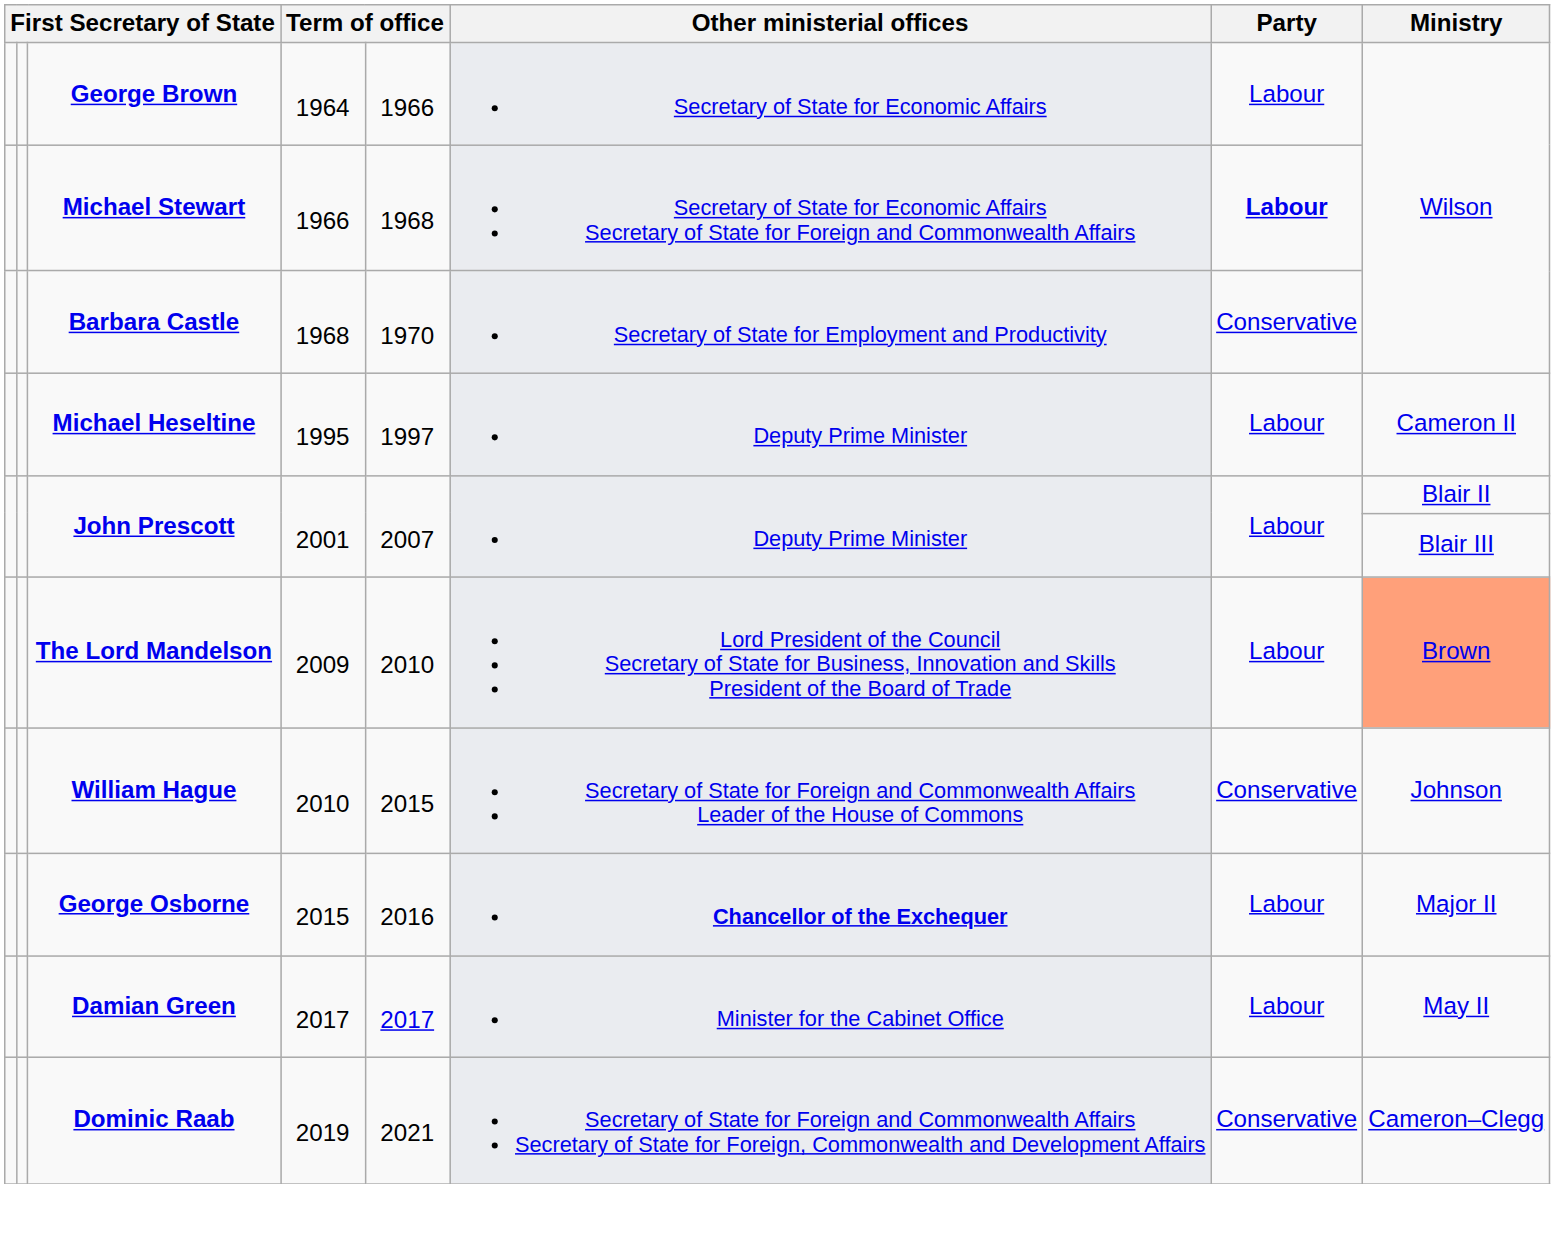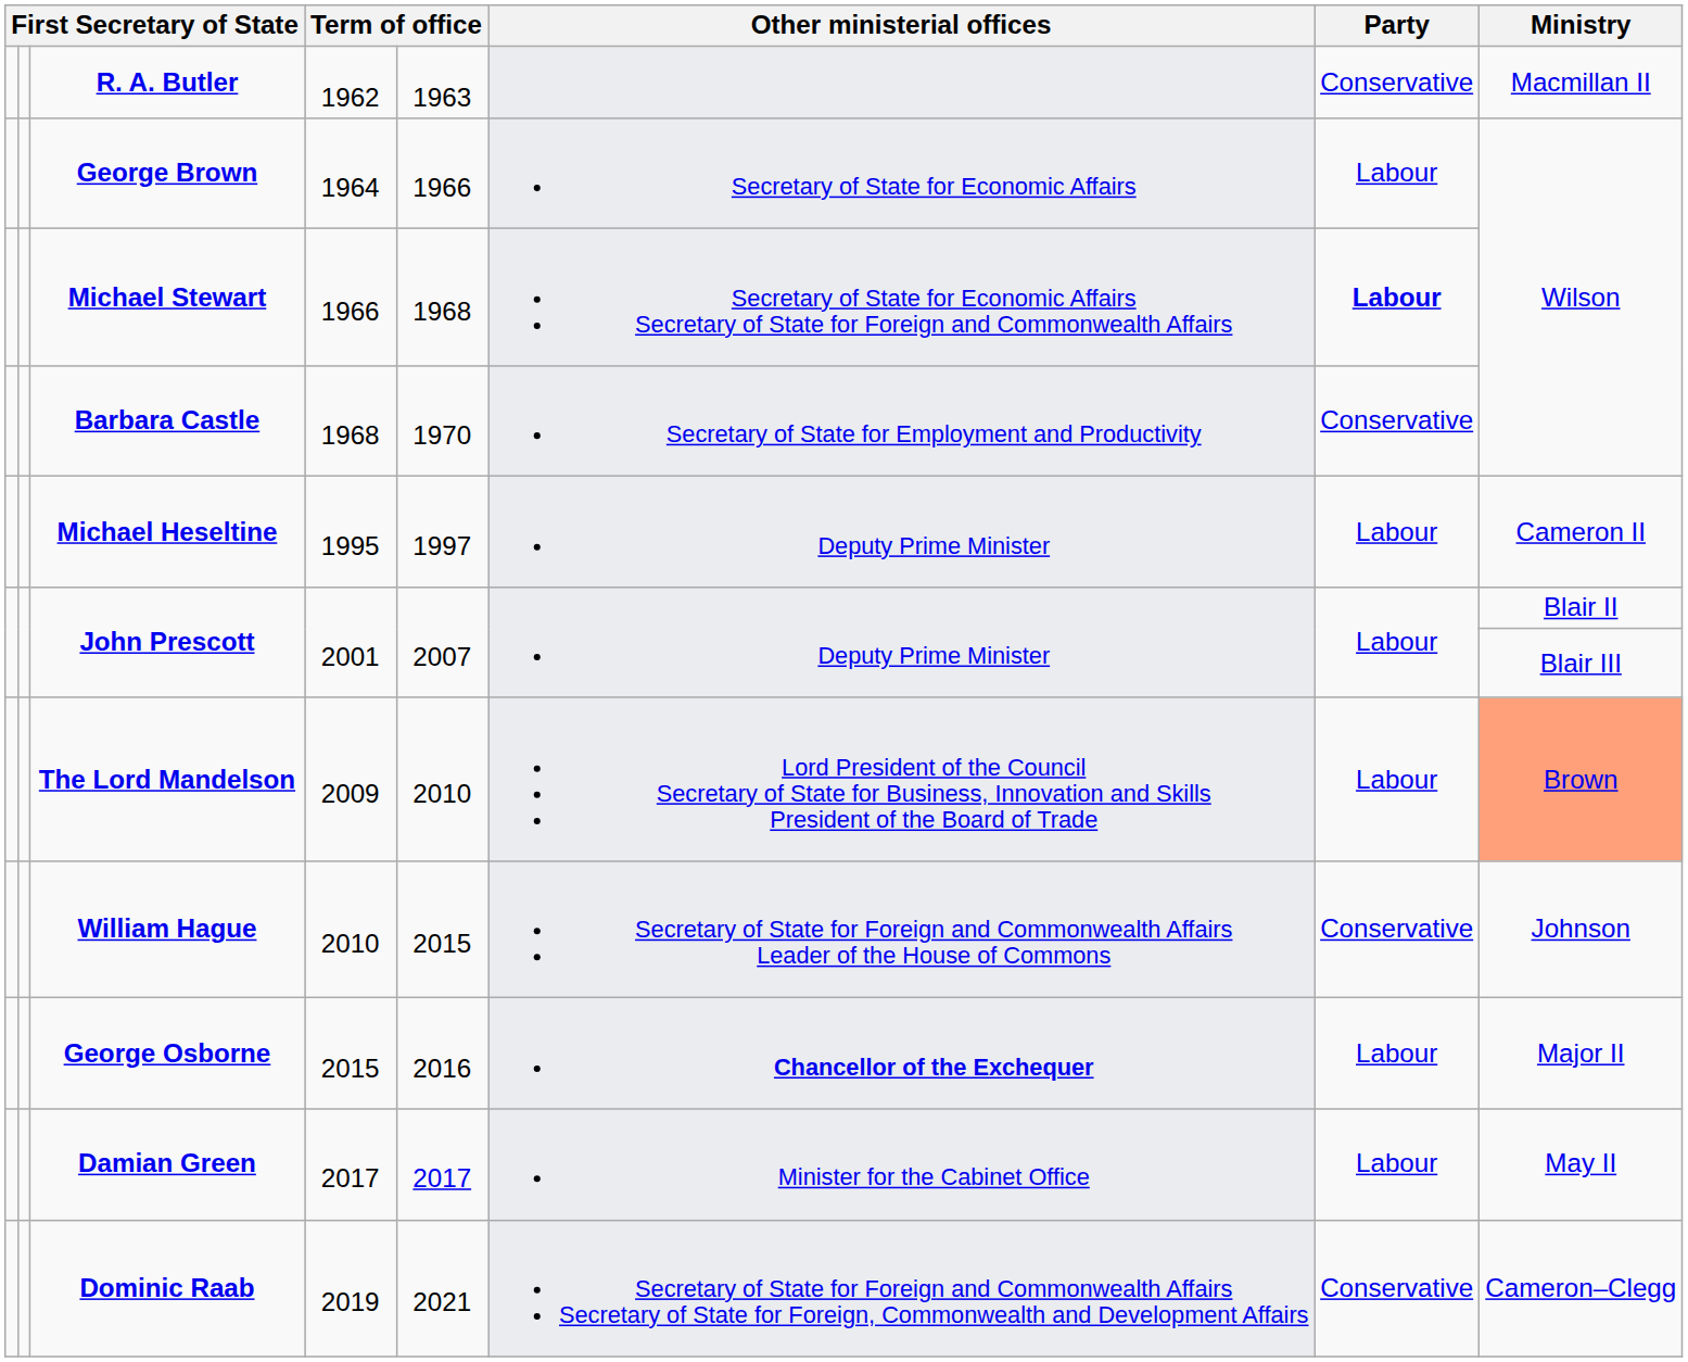 <table class="wikitable" style="text-align:Center;">
 <tr>
 <th colspan=3>First Secretary of State</th>
 <th colspan=2>Term of office</th>
 <th>Other ministerial offices</th>
 <th>Party</th>
 <th>Ministry</th>
+</tr>
+<tr style="height:1em">
+<td style="background-color:"></td>
+<td></td>
+<td><a href='#'><strong>R. A. Butler</strong></a><br></td>
+<td><br>1962</td>
+<td><br>1963</td>
+<td style="background:#EAECF0; font-size:90%"></td>
+<td><a href='#'>Conservative</a></td>
+<td><a href='#'>Macmillan II</a></td>
 </tr>
 <tr style="height:1em">
 <td style="background-color:"></td>
 <td></td>
 <td><a href='#'><strong>George Brown</strong></a><br></td>
 <td><br>1964</td>
 <td><br>1966</td>
 <td style="background:#EAECF0; font-size:90%"><br><ul><li><a href='#'>Secretary of State for Economic Affairs</a></li></ul></td>
 <td><a href='#'>Labour</a></td>
 <td rowspan=3 ><a href='#'>Wilson<br></a></td>
 </tr>
 <tr style="height:1em">
 <td style="background-color:"></td>
 <td></td>
 <td><a href='#'><strong>Michael Stewart</strong></a><br></td>
 <td><br>1966</td>
 <td><br>1968</td>
 <td style="background:#EAECF0; font-size:90%"><br><ul><li><a href='#'>Secretary of State for Economic Affairs</a></li><li><a href='#'>Secretary of State for Foreign and Commonwealth Affairs</a></li></ul></td>
 <td><strong><a href='#'>Labour</a></strong></td>
 </tr>
 <tr style="height:1em">
 <td style="background-color:"></td>
 <td></td>
 <td><strong><a href='#'>Barbara Castle</a></strong><br></td>
 <td><br>1968</td>
 <td><br>1970</td>
 <td style="background:#EAECF0; font-size:90%"><br><ul><li><a href='#'>Secretary of State for Employment and Productivity</a></li></ul></td>
 <td><a href='#'>Conservative</a></td>
 </tr>
 <tr style="height:1em">
 <td style="background-color:"></td>
 <td></td>
 <td><strong><a href='#'>Michael Heseltine</a></strong><br></td>
 <td><br>1995</td>
 <td><br>1997</td>
 <td style="background:#EAECF0; font-size:90%"><br><ul><li><a href='#'>Deputy Prime Minister</a></li></ul></td>
 <td><a href='#'>Labour</a></td>
 <td><a href='#'>Cameron II</a></td>
 </tr>
 <tr style="height:1em">
 <td rowspan=2 style="background-color:"></td>
 <td rowspan=2></td>
 <td rowspan=2><strong><a href='#'>John Prescott</a></strong><br></td>
 <td rowspan=2><br>2001</td>
 <td rowspan=2><br>2007</td>
 <td rowspan=2 style="background:#EAECF0; font-size:90%"><br><ul><li><a href='#'>Deputy Prime Minister</a></li></ul></td>
 <td rowspan=2><a href='#'>Labour</a></td>
 <td><a href='#'>Blair II</a></td>
 </tr>
 <tr>
 <td><a href='#'>Blair III</a></td>
 </tr>
 <tr style="height:1em">
 <td style="background-color:"></td>
 <td></td>
 <td><a href='#'><strong>The Lord Mandelson</strong></a></td>
 <td><br>2009</td>
 <td><br>2010</td>
 <td style="background:#EAECF0; font-size:90%"><br><ul><li><a href='#'>Lord President of the Council</a></li><li><a href='#'>Secretary of State for Business, Innovation and Skills</a></li><li><a href='#'>President of the Board of Trade</a></li></ul></td>
 <td><a href='#'>Labour</a></td>
 <td style="background: lightsalmon;"><a href='#'>Brown</a></td>
 </tr>
 <tr style="height:1em">
 <td style="background-color:"></td>
 <td></td>
 <td><strong><a href='#'>William Hague</a></strong><br></td>
 <td><br>2010</td>
 <td><br>2015</td>
 <td style="background:#EAECF0; font-size:90%"><br><ul><li><a href='#'>Secretary of State for Foreign and Commonwealth Affairs</a></li><li><a href='#'>Leader of the House of Commons</a></li></ul></td>
 <td><a href='#'>Conservative</a></td>
 <td><a href='#'>Johnson</a><br></td>
 </tr>
 <tr style="height:1em">
 <td style="background-color:"></td>
 <td></td>
 <td><strong><a href='#'>George Osborne</a></strong><br></td>
 <td><br>2015</td>
 <td><br>2016</td>
 <td style="background:#EAECF0; font-size:90%"><strong><br><ul><li><a href='#'>Chancellor of the Exchequer</a></li></ul></strong></td>
 <td><a href='#'>Labour</a></td>
 <td><a href='#'>Major II</a></td>
 </tr>
 <tr style="height:1em">
 <td style="background-color:"></td>
 <td></td>
 <td><strong><a href='#'>Damian Green</a></strong><br></td>
 <td><br>2017</td>
 <td><a href='#'><br>2017</a></td>
 <td style="background:#EAECF0; font-size:90%"><br><ul><li><a href='#'>Minister for the Cabinet Office</a></li></ul></td>
 <td><a href='#'>Labour</a></td>
 <td><a href='#'>May II</a></td>
 </tr>
 <tr style="height:1em">
 <td style="background-color:"></td>
 <td></td>
 <td><strong><a href='#'>Dominic Raab</a></strong><br></td>
 <td><br>2019</td>
 <td><br>2021</td>
 <td style="background:#EAECF0; font-size:90%"><br><ul><li><a href='#'>Secretary of State for Foreign and Commonwealth Affairs</a></li><li><a href='#'>Secretary of State for Foreign, Commonwealth and Development Affairs</a></li></ul></td>
 <td><a href='#'>Conservative</a></td>
 <td><a href='#'>Cameron–Clegg</a><br></td>
 </tr>
 </table>
